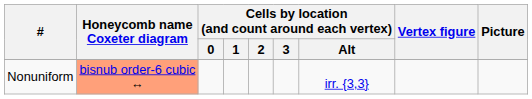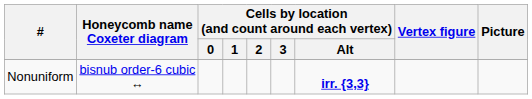 <table class="wikitable">
 <tr>
 <th rowspan=2>#</th>
 <th rowspan=2>Honeycomb name<br><a href='#'>Coxeter diagram</a></th>
 <th colspan=5>Cells by location<br>(and count around each vertex)</th>
 <th rowspan=2><a href='#'>Vertex figure</a></th>
 <th rowspan=2>Picture</th>
 </tr>
 <tr>
 <th>0<br></th>
 <th>1<br></th>
 <th>2<br></th>
 <th>3<br></th>
 <th>Alt</th>
 </tr>
 <tr align=center>
 </tr>
 <tr align=center>
 <td>Nonuniform</td>
-<td style="background: lightsalmon;"><a href='#'>bisnub order-6 cubic</a><br> ↔ </td>
+<td><a href='#'>bisnub order-6 cubic</a><br> ↔ </td>
 <td><br></td>
 <td><br></td>
 <td><br></td>
 <td><br></td>
-<td><br><a href='#'>irr. {3,3}</a></td>
+<td><strong><br><a href='#'>irr. {3,3}</a></strong></td>
 <td></td>
 <td></td>
 </tr>
 </table>
